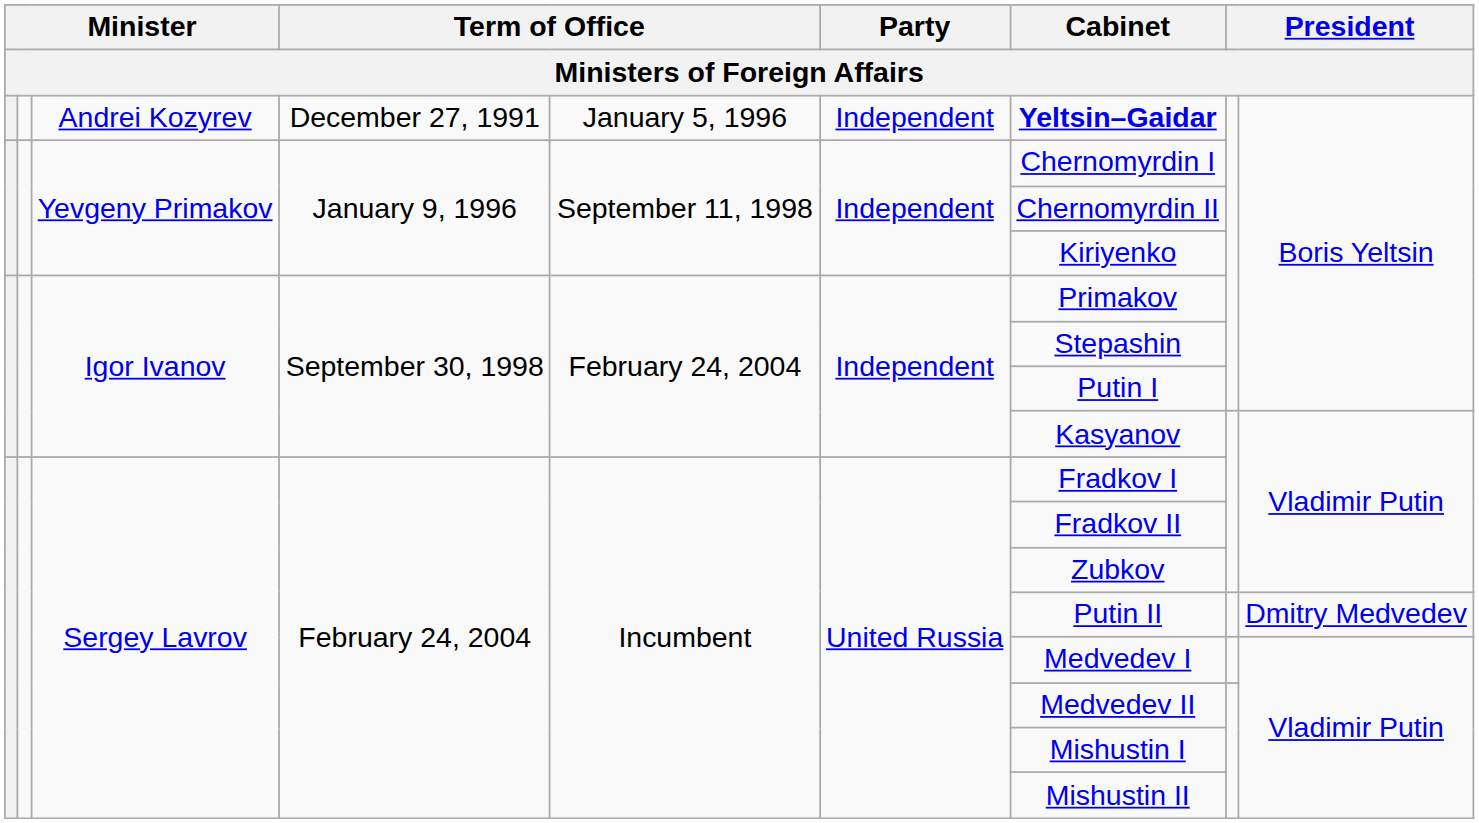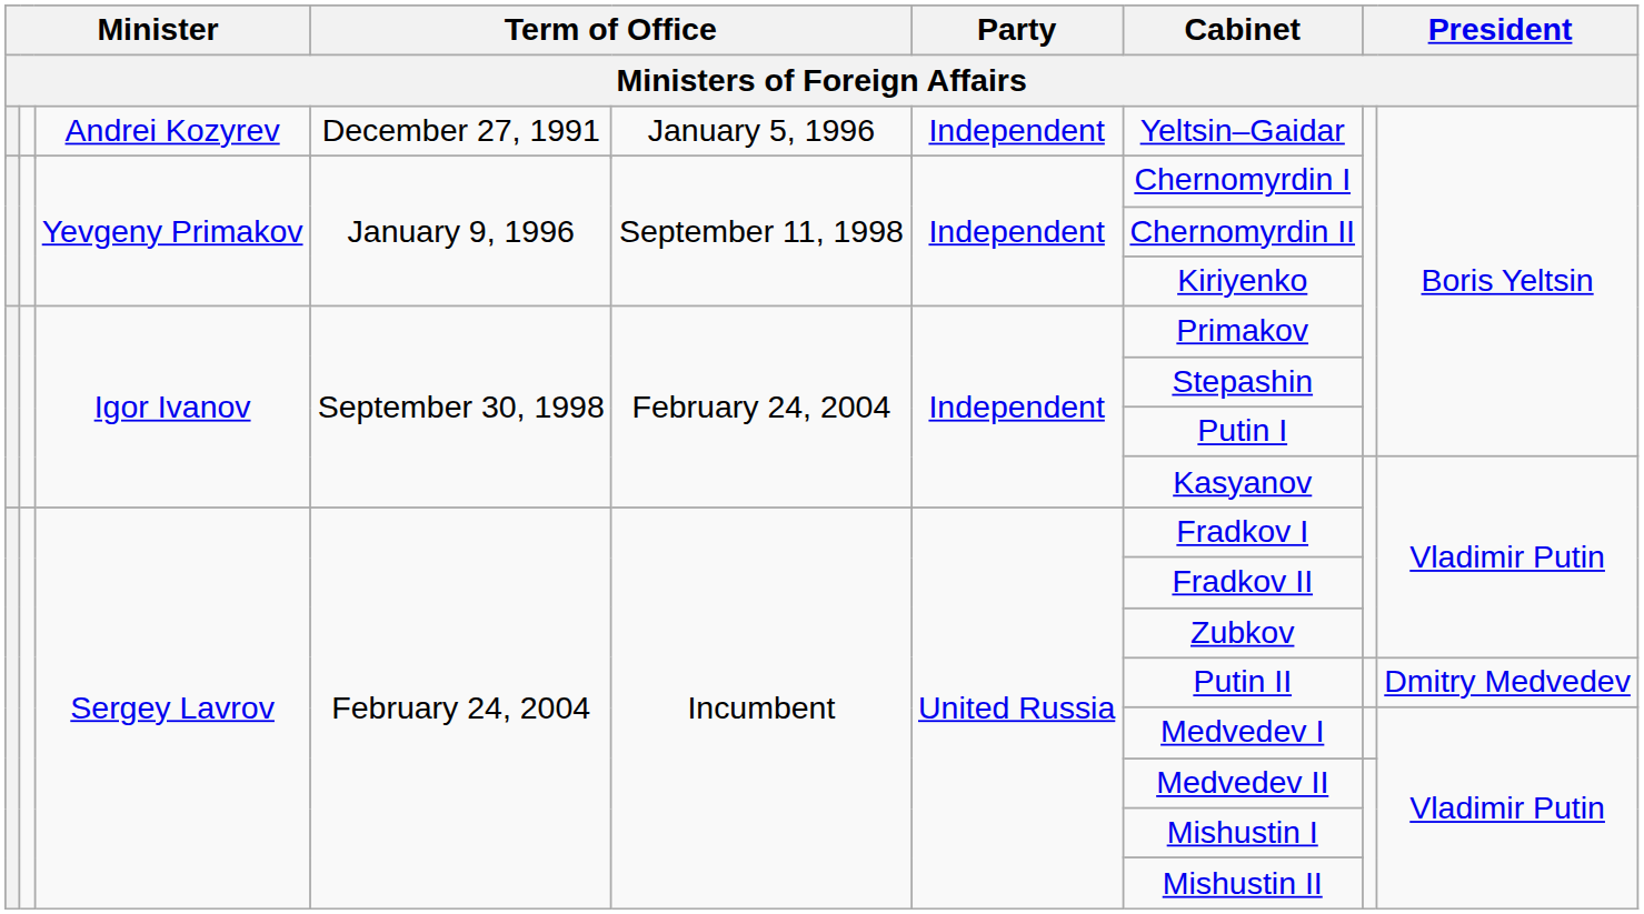 <table class="wikitable" style="text-align:center;">
 <tr>
 <th colspan=3>Minister</th>
 <th colspan="2">Term of Office</th>
 <th>Party</th>
 <th>Cabinet</th>
 <th colspan=2><a href='#'>President</a></th>
 </tr>
 <tr style="text-align:center;">
 <th colspan=9>Ministers of Foreign Affairs</th>
 </tr>
 <tr>
 <th rowspan=2 style="background:"></th>
 <td rowspan=2></td>
 <td rowspan=2><a href='#'>Andrei Kozyrev</a></td>
 <td rowspan="2">December 27, 1991</td>
 <td rowspan="2">January 5, 1996</td>
 <td rowspan="2"><a href='#'>Independent</a></td>
-<td><strong><a href='#'>Yeltsin–Gaidar</a></strong></td>
+<td><a href='#'>Yeltsin–Gaidar</a></td>
 <td rowspan=8 style="background:"></td>
 <td rowspan=8><a href='#'>Boris Yeltsin</a></td>
 </tr>
 <tr>
 <td rowspan=2><a href='#'>Chernomyrdin I</a></td>
 </tr>
 <tr>
 <th rowspan=3 style="background:"></th>
 <td rowspan=3></td>
 <td rowspan=3><a href='#'>Yevgeny Primakov</a></td>
 <td rowspan="3">January 9, 1996</td>
 <td rowspan="3">September 11, 1998</td>
 <td rowspan="3"><a href='#'>Independent</a></td>
 </tr>
 <tr>
 <td><a href='#'>Chernomyrdin II</a></td>
 </tr>
 <tr>
 <td><a href='#'>Kiriyenko</a></td>
 </tr>
 <tr>
 <th rowspan=4 style="background:"></th>
 <td rowspan=4></td>
 <td rowspan=4><a href='#'>Igor Ivanov</a></td>
 <td rowspan="4">September 30, 1998</td>
 <td rowspan="4">February 24, 2004</td>
 <td rowspan="4"><a href='#'>Independent</a></td>
 <td><a href='#'>Primakov</a></td>
 </tr>
 <tr>
 <td><a href='#'>Stepashin</a></td>
 </tr>
 <tr>
 <td><a href='#'>Putin I</a></td>
 </tr>
 <tr>
 <td><a href='#'>Kasyanov</a></td>
 <td rowspan=4 style="background:"></td>
 <td rowspan=4><a href='#'>Vladimir Putin</a></td>
 </tr>
 <tr>
 <th rowspan=8 style="background:"></th>
 <td rowspan="8"></td>
 <td rowspan="8"><a href='#'>Sergey Lavrov</a></td>
 <td rowspan="8">February 24, 2004</td>
 <td rowspan="8">Incumbent</td>
 <td rowspan="8"><a href='#'>United Russia</a></td>
 <td><a href='#'>Fradkov I</a></td>
 </tr>
 <tr>
 <td><a href='#'>Fradkov II</a></td>
 </tr>
 <tr>
 <td><a href='#'>Zubkov</a></td>
 </tr>
 <tr>
 <td><a href='#'>Putin II</a></td>
 <td style="background:"></td>
 <td><a href='#'>Dmitry Medvedev</a></td>
 </tr>
 <tr>
 <td><a href='#'>Medvedev I</a></td>
 <td style="background:"></td>
 <td rowspan="4"><a href='#'>Vladimir Putin</a></td>
 </tr>
 <tr>
 <td><a href='#'>Medvedev II</a></td>
 <td rowspan=3 style="background:"></td>
 </tr>
 <tr>
 <td><a href='#'>Mishustin I</a></td>
 </tr>
 <tr>
 <td><a href='#'>Mishustin II</a></td>
 </tr>
 </table>
